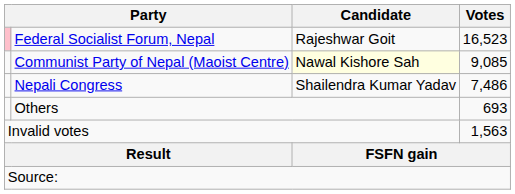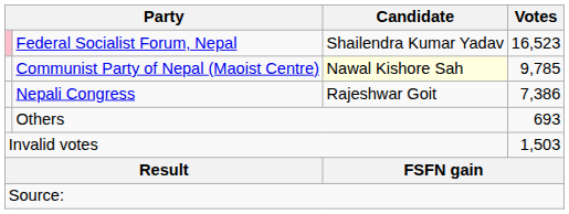 <table class="wikitable">
 <tr>
 <th colspan="2">Party</th>
 <th>Candidate</th>
 <th>Votes</th>
 </tr>
 <tr>
 <td style="background-color:#ffc0cb"></td>
 <td><a href='#'>Federal Socialist Forum, Nepal</a></td>
-<td>Rajeshwar Goit</td>
+<td>Shailendra Kumar Yadav</td>
 <td style="text-align:right">16,523</td>
 </tr>
 <tr>
 <td style="background-color:"></td>
 <td><a href='#'>Communist Party of Nepal (Maoist Centre)</a></td>
 <td style="background: lightyellow;">Nawal Kishore Sah</td>
-<td style="text-align:right">9,085</td>
+<td style="text-align:right">9,785</td>
 </tr>
 <tr>
 <td style="background-color:"></td>
 <td><a href='#'>Nepali Congress</a></td>
-<td>Shailendra Kumar Yadav</td>
-<td style="text-align:right">7,486</td>
+<td>Rajeshwar Goit</td>
+<td style="text-align:right">7,386</td>
 </tr>
 <tr>
 <td></td>
 <td colspan="2">Others</td>
 <td style="text-align:right">693</td>
 </tr>
 <tr>
 <td colspan="3">Invalid votes</td>
-<td style="text-align:right">1,563</td>
+<td style="text-align:right">1,503</td>
 </tr>
 <tr>
 <th colspan="2">Result</th>
 <th colspan="2">FSFN gain</th>
 </tr>
 <tr>
 <td colspan="4">Source: </td>
 </tr>
 </table>
